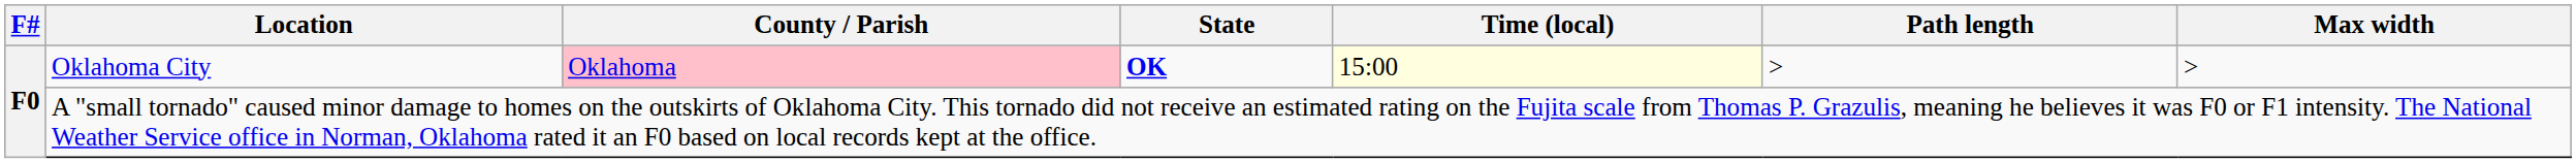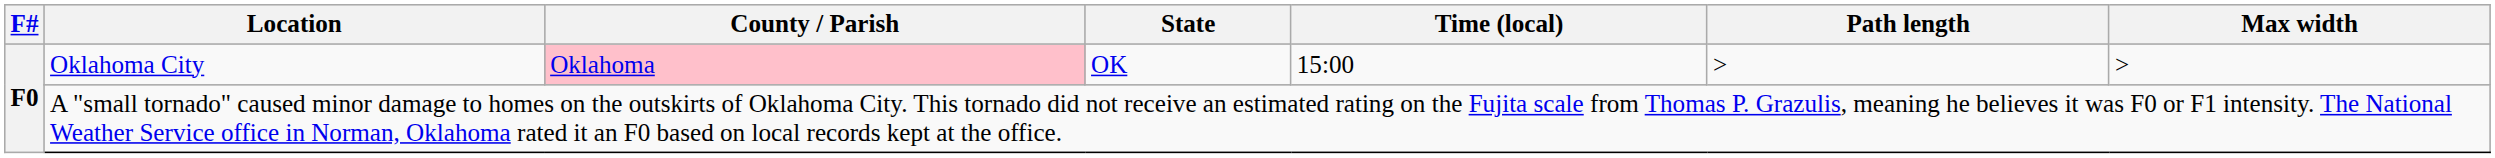 <table class="wikitable sortable" style="width:100%;">
 <tr>
 <th scope="col" align="center"><a href='#'>F#</a><br></th>
 <th scope="col" align="center" class="unsortable">Location</th>
 <th scope="col" align="center" class="unsortable">County / Parish</th>
 <th scope="col" align="center">State</th>
 <th scope="col" align="center">Time (local)</th>
 <th scope="col" align="center">Path length</th>
 <th scope="col" align="center">Max width</th>
 </tr>
 <tr>
 <th scope="row" rowspan="2" style="background-color:#">F0</th>
 <td><a href='#'>Oklahoma City</a></td>
 <td style="background: pink;"><a href='#'>Oklahoma</a></td>
-<td><strong><a href='#'>OK</a></strong></td>
-<td style="background: lightyellow;">15:00</td>
+<td><a href='#'>OK</a></td>
+<td>15:00</td>
 <td>></td>
 <td>></td>
 </tr>
 <tr class="expand-child">
 <td colspan="6" style="border-bottom: 1px solid black;">A "small tornado" caused minor damage to homes on the outskirts of Oklahoma City. This tornado did not receive an estimated rating on the <a href='#'>Fujita scale</a> from <a href='#'>Thomas P. Grazulis</a>, meaning he believes it was F0 or F1 intensity. <a href='#'>The National Weather Service office in Norman, Oklahoma</a> rated it an F0 based on local records kept at the office.</td>
 </tr>
 </table>
